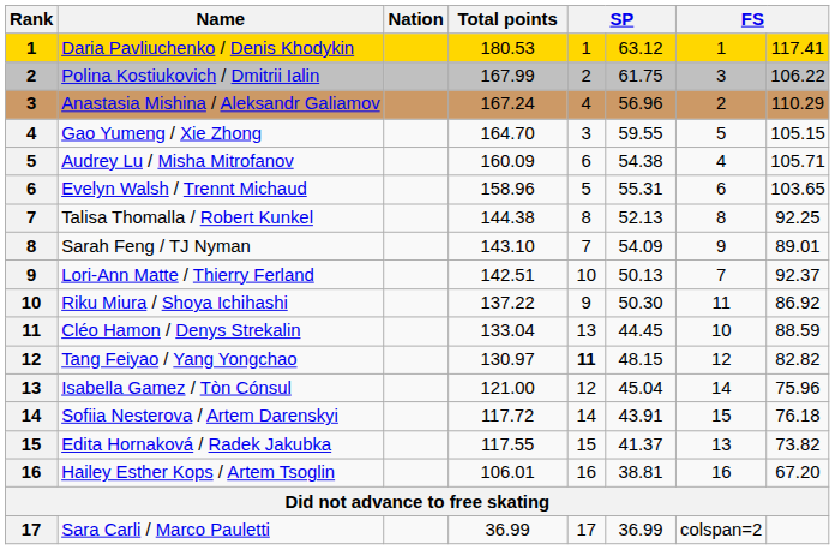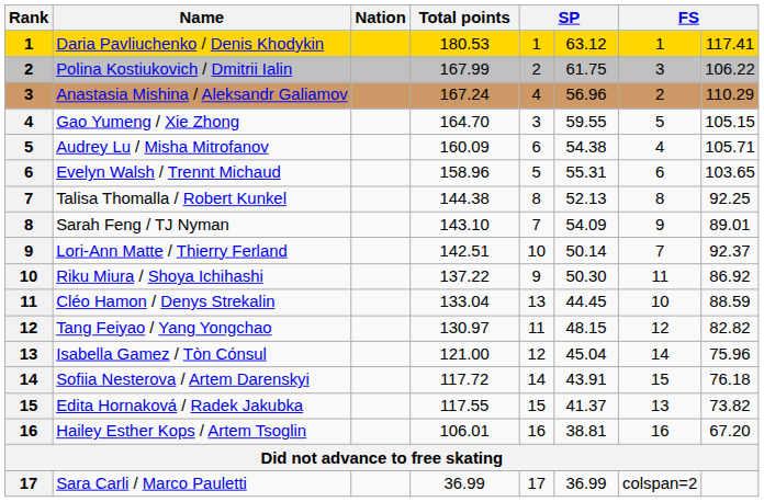 <table class="wikitable sortable">
 <tr>
 <th>Rank</th>
 <th>Name</th>
 <th>Nation</th>
 <th width="100px">Total points</th>
 <th colspan="2" width="90px"><a href='#'>SP</a></th>
 <th colspan="2" width="90px"><a href='#'>FS</a></th>
 </tr>
 <tr bgcolor="gold">
 <td align="center" bgcolor="gold"><strong>1</strong></td>
 <td><a href='#'>Daria Pavliuchenko</a> / <a href='#'>Denis Khodykin</a></td>
 <td></td>
 <td align="center">180.53</td>
 <td align="center">1</td>
 <td align="center">63.12</td>
 <td align="center">1</td>
 <td align="center">117.41</td>
 </tr>
 <tr bgcolor="silver">
 <td align="center" bgcolor="silver"><strong>2</strong></td>
 <td><a href='#'>Polina Kostiukovich</a> / <a href='#'>Dmitrii Ialin</a></td>
 <td></td>
 <td align="center">167.99</td>
 <td align="center">2</td>
 <td align="center">61.75</td>
 <td align="center">3</td>
 <td align="center">106.22</td>
 </tr>
 <tr bgcolor="#cc9966">
 <td align="center" bgcolor="#cc9966"><strong>3</strong></td>
 <td><a href='#'>Anastasia Mishina</a> / <a href='#'>Aleksandr Galiamov</a></td>
 <td></td>
 <td align="center">167.24</td>
 <td align="center">4</td>
 <td align="center">56.96</td>
 <td align="center">2</td>
 <td align="center">110.29</td>
 </tr>
 <tr>
 <th>4</th>
 <td><a href='#'>Gao Yumeng</a> / <a href='#'>Xie Zhong</a></td>
 <td></td>
 <td align="center">164.70</td>
 <td align="center">3</td>
 <td align="center">59.55</td>
 <td align="center">5</td>
 <td align="center">105.15</td>
 </tr>
 <tr>
 <th>5</th>
 <td><a href='#'>Audrey Lu</a> / <a href='#'>Misha Mitrofanov</a></td>
 <td></td>
 <td align="center">160.09</td>
 <td align="center">6</td>
 <td align="center">54.38</td>
 <td align="center">4</td>
 <td align="center">105.71</td>
 </tr>
 <tr>
 <th>6</th>
 <td><a href='#'>Evelyn Walsh</a> / <a href='#'>Trennt Michaud</a></td>
 <td></td>
 <td align="center">158.96</td>
 <td align="center">5</td>
 <td align="center">55.31</td>
 <td align="center">6</td>
 <td align="center">103.65</td>
 </tr>
 <tr>
 <th>7</th>
 <td>Talisa Thomalla / <a href='#'>Robert Kunkel</a></td>
 <td></td>
 <td align="center">144.38</td>
 <td align="center">8</td>
 <td align="center">52.13</td>
 <td align="center">8</td>
 <td align="center">92.25</td>
 </tr>
 <tr>
 <th>8</th>
 <td>Sarah Feng / TJ Nyman</td>
 <td></td>
 <td align="center">143.10</td>
 <td align="center">7</td>
 <td align="center">54.09</td>
 <td align="center">9</td>
 <td align="center">89.01</td>
 </tr>
 <tr>
 <th>9</th>
 <td><a href='#'>Lori-Ann Matte</a> / <a href='#'>Thierry Ferland</a></td>
 <td></td>
 <td align="center">142.51</td>
 <td align="center">10</td>
-<td align="center">50.13</td>
+<td align="center">50.14</td>
 <td align="center">7</td>
 <td align="center">92.37</td>
 </tr>
 <tr>
 <th>10</th>
 <td><a href='#'>Riku Miura</a> / <a href='#'>Shoya Ichihashi</a></td>
 <td></td>
 <td align="center">137.22</td>
 <td align="center">9</td>
 <td align="center">50.30</td>
 <td align="center">11</td>
 <td align="center">86.92</td>
 </tr>
 <tr>
 <th>11</th>
 <td><a href='#'>Cléo Hamon</a> / <a href='#'>Denys Strekalin</a></td>
 <td></td>
 <td align="center">133.04</td>
 <td align="center">13</td>
 <td align="center">44.45</td>
 <td align="center">10</td>
 <td align="center">88.59</td>
 </tr>
 <tr>
 <th>12</th>
 <td><a href='#'>Tang Feiyao</a> / <a href='#'>Yang Yongchao</a></td>
 <td></td>
 <td align="center">130.97</td>
-<td align="center"><strong>11</strong></td>
+<td align="center">11</td>
 <td align="center">48.15</td>
 <td align="center">12</td>
 <td align="center">82.82</td>
 </tr>
 <tr>
 <th>13</th>
 <td><a href='#'>Isabella Gamez</a> / <a href='#'>Tòn Cónsul</a></td>
 <td></td>
 <td align="center">121.00</td>
 <td align="center">12</td>
 <td align="center">45.04</td>
 <td align="center">14</td>
 <td align="center">75.96</td>
 </tr>
 <tr>
 <th>14</th>
 <td><a href='#'>Sofiia Nesterova</a> / <a href='#'>Artem Darenskyi</a></td>
 <td></td>
 <td align="center">117.72</td>
 <td align="center">14</td>
 <td align="center">43.91</td>
 <td align="center">15</td>
 <td align="center">76.18</td>
 </tr>
 <tr>
 <th>15</th>
 <td><a href='#'>Edita Hornaková</a> / <a href='#'>Radek Jakubka</a></td>
 <td></td>
 <td align="center">117.55</td>
 <td align="center">15</td>
 <td align="center">41.37</td>
 <td align="center">13</td>
 <td align="center">73.82</td>
 </tr>
 <tr>
 <th>16</th>
 <td><a href='#'>Hailey Esther Kops</a> / <a href='#'>Artem Tsoglin</a></td>
 <td></td>
 <td align="center">106.01</td>
 <td align="center">16</td>
 <td align="center">38.81</td>
 <td align="center">16</td>
 <td align="center">67.20</td>
 </tr>
 <tr>
 <th colspan=8>Did not advance to free skating</th>
 </tr>
 <tr>
 <th>17</th>
 <td><a href='#'>Sara Carli</a> / <a href='#'>Marco Pauletti</a></td>
 <td></td>
 <td align="center">36.99</td>
 <td align="center">17</td>
 <td align="center">36.99</td>
 <td>colspan=2 </td>
 </tr>
 </table>
